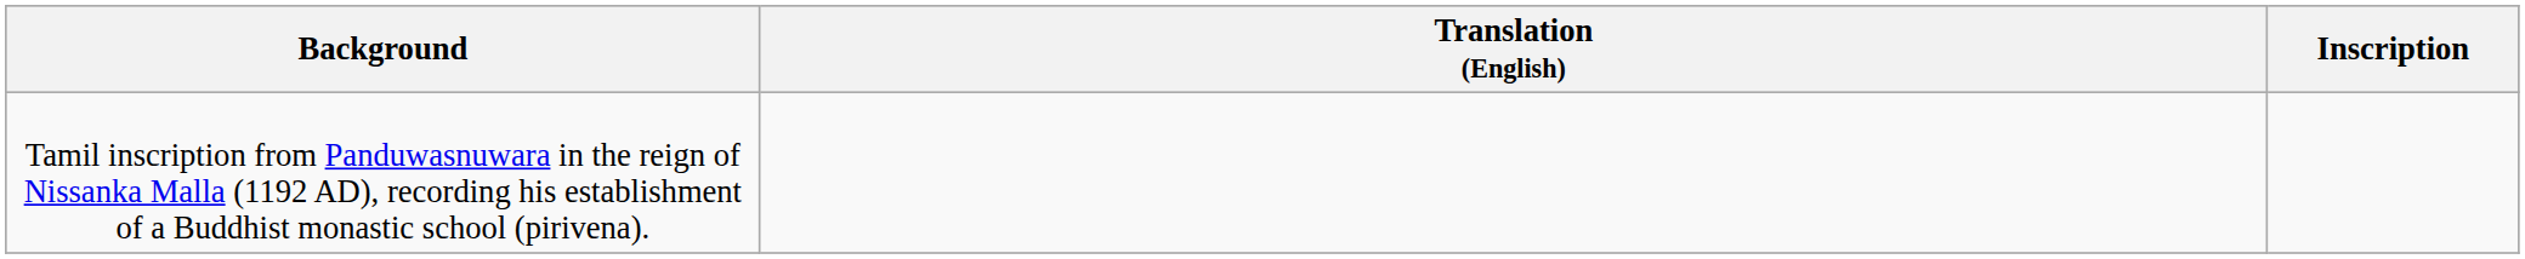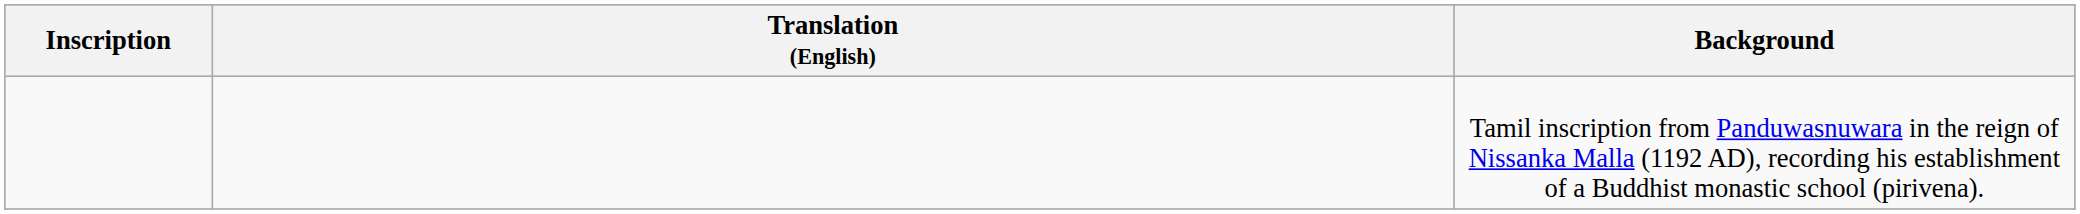 <table class="wikitable centre">
 <tr>
+<th>Inscription<br></th>
+<th>Translation<br><small>(English)</small></th>
 <th scope="col" align=left>Background<br></th>
-<th>Translation<br><small>(English)</small></th>
-<th>Inscription<br></th>
 </tr>
 <tr>
+<td align=center width="10%"><br></td>
+<td align=left><br></td>
 <td align=center width="30%"><br>Tamil inscription from <a href='#'>Panduwasnuwara</a> in the reign of <a href='#'>Nissanka Malla</a> (1192 AD), recording his establishment of a Buddhist monastic school (pirivena).</td>
-<td align=left><br></td>
-<td align=center width="10%"><br></td>
 </tr>
 </table>
